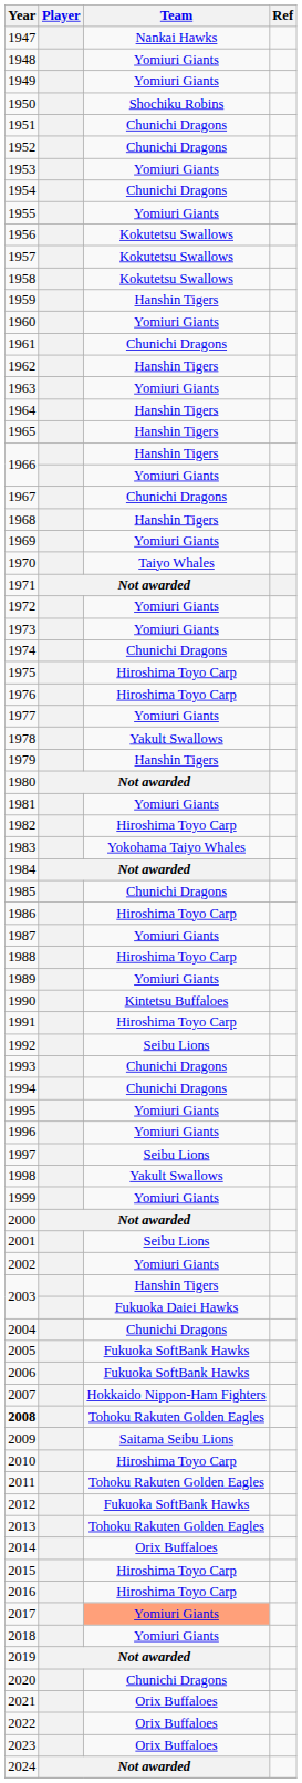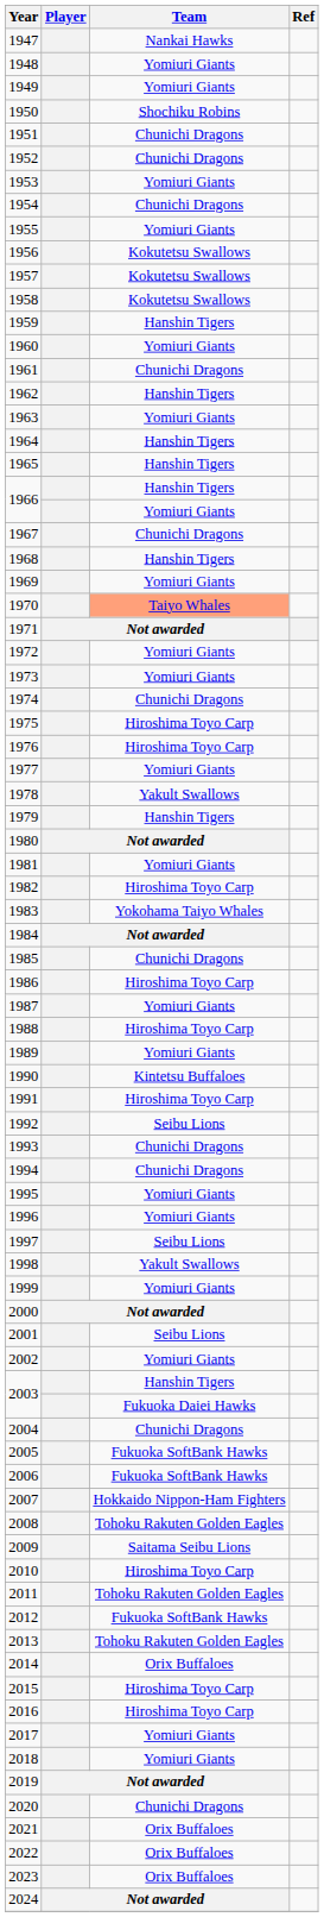 <table class="wikitable sortable plainrowheaders" style="text-align:center">
 <tr>
 <th scope="col">Year</th>
 <th scope="col"><a href='#'>Player</a></th>
 <th scope="col"><a href='#'>Team</a></th>
 <th scope="col" class=unsortable>Ref</th>
 </tr>
 <tr>
 <td>1947</td>
 <th scope="row" style="text-align:center"></th>
 <td><a href='#'>Nankai Hawks</a></td>
 <td></td>
 </tr>
 <tr>
 <td>1948</td>
 <th scope="row" style="text-align:center"></th>
 <td><a href='#'>Yomiuri Giants</a></td>
 <td></td>
 </tr>
 <tr>
 <td>1949</td>
 <th scope="row" style="text-align:center"></th>
 <td><a href='#'>Yomiuri Giants</a></td>
 <td></td>
 </tr>
 <tr>
 <td>1950</td>
 <th scope="row" style="text-align:center"></th>
 <td><a href='#'>Shochiku Robins</a></td>
 <td></td>
 </tr>
 <tr>
 <td>1951</td>
 <th scope="row" style="text-align:center"></th>
 <td><a href='#'>Chunichi Dragons</a></td>
 <td></td>
 </tr>
 <tr>
 <td>1952</td>
 <th scope="row" style="text-align:center"></th>
 <td><a href='#'>Chunichi Dragons</a></td>
 <td></td>
 </tr>
 <tr>
 <td>1953</td>
 <th scope="row" style="text-align:center"></th>
 <td><a href='#'>Yomiuri Giants</a></td>
 <td></td>
 </tr>
 <tr>
 <td>1954</td>
 <th scope="row" style="text-align:center"></th>
 <td><a href='#'>Chunichi Dragons</a></td>
 <td></td>
 </tr>
 <tr>
 <td>1955</td>
 <th scope="row" style="text-align:center"></th>
 <td><a href='#'>Yomiuri Giants</a></td>
 <td></td>
 </tr>
 <tr>
 <td>1956</td>
 <th scope="row" style="text-align:center"></th>
 <td><a href='#'>Kokutetsu Swallows</a></td>
 <td></td>
 </tr>
 <tr>
 <td>1957</td>
 <th scope="row" style="text-align:center"></th>
 <td><a href='#'>Kokutetsu Swallows</a></td>
 <td></td>
 </tr>
 <tr>
 <td>1958</td>
 <th scope="row" style="text-align:center"></th>
 <td><a href='#'>Kokutetsu Swallows</a></td>
 <td></td>
 </tr>
 <tr>
 <td>1959</td>
 <th scope="row" style="text-align:center"></th>
 <td><a href='#'>Hanshin Tigers</a></td>
 <td></td>
 </tr>
 <tr>
 <td>1960</td>
 <th scope="row" style="text-align:center"></th>
 <td><a href='#'>Yomiuri Giants</a></td>
 <td></td>
 </tr>
 <tr>
 <td>1961</td>
 <th scope="row" style="text-align:center"></th>
 <td><a href='#'>Chunichi Dragons</a></td>
 <td></td>
 </tr>
 <tr>
 <td>1962</td>
 <th scope="row" style="text-align:center"></th>
 <td><a href='#'>Hanshin Tigers</a></td>
 <td></td>
 </tr>
 <tr>
 <td>1963</td>
 <th scope="row" style="text-align:center"></th>
 <td><a href='#'>Yomiuri Giants</a></td>
 <td></td>
 </tr>
 <tr>
 <td>1964</td>
 <th scope="row" style="text-align:center"></th>
 <td><a href='#'>Hanshin Tigers</a></td>
 <td></td>
 </tr>
 <tr>
 <td>1965</td>
 <th scope="row" style="text-align:center"></th>
 <td><a href='#'>Hanshin Tigers</a></td>
 <td></td>
 </tr>
 <tr>
 <td rowspan=2>1966</td>
 <th scope="row" style="text-align:center"></th>
 <td><a href='#'>Hanshin Tigers</a></td>
 <td></td>
 </tr>
 <tr>
 <th scope="row" style="text-align:center"></th>
 <td><a href='#'>Yomiuri Giants</a></td>
 <td></td>
 </tr>
 <tr>
 <td>1967</td>
 <th scope="row" style="text-align:center"></th>
 <td><a href='#'>Chunichi Dragons</a></td>
 <td></td>
 </tr>
 <tr>
 <td>1968</td>
 <th scope="row" style="text-align:center"></th>
 <td><a href='#'>Hanshin Tigers</a></td>
 <td></td>
 </tr>
 <tr>
 <td>1969</td>
 <th scope="row" style="text-align:center"></th>
 <td><a href='#'>Yomiuri Giants</a></td>
 <td></td>
 </tr>
 <tr>
 <td>1970</td>
 <th scope="row" style="text-align:center"></th>
-<td><a href='#'>Taiyo Whales</a></td>
+<td style="background: lightsalmon;"><a href='#'>Taiyo Whales</a></td>
 <td></td>
 </tr>
 <tr>
 <td>1971</td>
 <th scope="row" style="text-align:center" colspan="2"><em>Not awarded</em></th>
 <th></th>
 </tr>
 <tr>
 <td>1972</td>
 <th scope="row" style="text-align:center"></th>
 <td><a href='#'>Yomiuri Giants</a></td>
 <td></td>
 </tr>
 <tr>
 <td>1973</td>
 <th scope="row" style="text-align:center"></th>
 <td><a href='#'>Yomiuri Giants</a></td>
 <td></td>
 </tr>
 <tr>
 <td>1974</td>
 <th scope="row" style="text-align:center"></th>
 <td><a href='#'>Chunichi Dragons</a></td>
 <td></td>
 </tr>
 <tr>
 <td>1975</td>
 <th scope="row" style="text-align:center"></th>
 <td><a href='#'>Hiroshima Toyo Carp</a></td>
 <td></td>
 </tr>
 <tr>
 <td>1976</td>
 <th scope="row" style="text-align:center"></th>
 <td><a href='#'>Hiroshima Toyo Carp</a></td>
 <td></td>
 </tr>
 <tr>
 <td>1977</td>
 <th scope="row" style="text-align:center"></th>
 <td><a href='#'>Yomiuri Giants</a></td>
 <td></td>
 </tr>
 <tr>
 <td>1978</td>
 <th scope="row" style="text-align:center"></th>
 <td><a href='#'>Yakult Swallows</a></td>
 <td></td>
 </tr>
 <tr>
 <td>1979</td>
 <th scope="row" style="text-align:center"></th>
 <td><a href='#'>Hanshin Tigers</a></td>
 <td></td>
 </tr>
 <tr>
 <td>1980</td>
 <th scope="row" style="text-align:center" colspan="2"><em>Not awarded</em></th>
 <td></td>
 </tr>
 <tr>
 <td>1981</td>
 <th scope="row" style="text-align:center"></th>
 <td><a href='#'>Yomiuri Giants</a></td>
 <td></td>
 </tr>
 <tr>
 <td>1982</td>
 <th scope="row" style="text-align:center"><strong></strong></th>
 <td><a href='#'>Hiroshima Toyo Carp</a></td>
 <td></td>
 </tr>
 <tr>
 <td>1983</td>
 <th scope="row" style="text-align:center"></th>
 <td><a href='#'>Yokohama Taiyo Whales</a></td>
 <td></td>
 </tr>
 <tr>
 <td>1984</td>
 <th scope="row" style="text-align:center" colspan="2"><em>Not awarded</em></th>
 <td></td>
 </tr>
 <tr>
 <td>1985</td>
 <th scope="row" style="text-align:center"></th>
 <td><a href='#'>Chunichi Dragons</a></td>
 <td></td>
 </tr>
 <tr>
 <td>1986</td>
 <th scope="row" style="text-align:center"></th>
 <td><a href='#'>Hiroshima Toyo Carp</a></td>
 <td></td>
 </tr>
 <tr>
 <td>1987</td>
 <th scope="row" style="text-align:center"><strong></strong></th>
 <td><a href='#'>Yomiuri Giants</a></td>
 <td></td>
 </tr>
 <tr>
 <td>1988</td>
 <th scope="row" style="text-align:center"></th>
 <td><a href='#'>Hiroshima Toyo Carp</a></td>
 <td></td>
 </tr>
 <tr>
 <td>1989</td>
 <th scope="row" style="text-align:center"><strong></strong></th>
 <td><a href='#'>Yomiuri Giants</a></td>
 <td></td>
 </tr>
 <tr>
 <td>1990</td>
 <th scope="row" style="text-align:center"></th>
 <td><a href='#'>Kintetsu Buffaloes</a></td>
 <td></td>
 </tr>
 <tr>
 <td>1991</td>
 <th scope="row" style="text-align:center"><strong></strong></th>
 <td><a href='#'>Hiroshima Toyo Carp</a></td>
 <td></td>
 </tr>
 <tr>
 <td>1992</td>
 <th scope="row" style="text-align:center"></th>
 <td><a href='#'>Seibu Lions</a></td>
 <td></td>
 </tr>
 <tr>
 <td>1993</td>
 <th scope="row" style="text-align:center"><strong></strong></th>
 <td><a href='#'>Chunichi Dragons</a></td>
 <td></td>
 </tr>
 <tr>
 <td>1994</td>
 <th scope="row" style="text-align:center"></th>
 <td><a href='#'>Chunichi Dragons</a></td>
 <td></td>
 </tr>
 <tr>
 <td>1995</td>
 <th scope="row" style="text-align:center"></th>
 <td><a href='#'>Yomiuri Giants</a></td>
 <td></td>
 </tr>
 <tr>
 <td>1996</td>
 <th scope="row" style="text-align:center"></th>
 <td><a href='#'>Yomiuri Giants</a></td>
 <td></td>
 </tr>
 <tr>
 <td>1997</td>
 <th scope="row" style="text-align:center"></th>
 <td><a href='#'>Seibu Lions</a></td>
 <td></td>
 </tr>
 <tr>
 <td>1998</td>
 <th scope="row" style="text-align:center"></th>
 <td><a href='#'>Yakult Swallows</a></td>
 <td></td>
 </tr>
 <tr>
 <td>1999</td>
 <th scope="row" style="text-align:center"></th>
 <td><a href='#'>Yomiuri Giants</a></td>
 <td></td>
 </tr>
 <tr>
 <td>2000</td>
 <th scope="row" style="text-align:center" colspan="2"><em>Not awarded</em></th>
 <td></td>
 </tr>
 <tr>
 <td>2001</td>
 <th scope="row" style="text-align:center"></th>
 <td><a href='#'>Seibu Lions</a></td>
 <td></td>
 </tr>
 <tr>
 <td>2002</td>
 <th scope="row" style="text-align:center"></th>
 <td><a href='#'>Yomiuri Giants</a></td>
 <td></td>
 </tr>
 <tr>
 <td rowspan=2>2003</td>
 <th scope="row" style="text-align:center"></th>
 <td><a href='#'>Hanshin Tigers</a></td>
 <td></td>
 </tr>
 <tr>
 <th scope="row" style="text-align:center"></th>
 <td><a href='#'>Fukuoka Daiei Hawks</a></td>
 <td></td>
 </tr>
 <tr>
 <td>2004</td>
 <th scope="row" style="text-align:center"></th>
 <td><a href='#'>Chunichi Dragons</a></td>
 <td></td>
 </tr>
 <tr>
 <td>2005</td>
 <th scope="row" style="text-align:center"></th>
 <td><a href='#'>Fukuoka SoftBank Hawks</a></td>
 <td></td>
 </tr>
 <tr>
 <td>2006</td>
 <th scope="row" style="text-align:center"></th>
 <td><a href='#'>Fukuoka SoftBank Hawks</a></td>
 <td></td>
 </tr>
 <tr>
 <td>2007</td>
 <th scope="row" style="text-align:center"><strong></strong></th>
 <td><a href='#'>Hokkaido Nippon-Ham Fighters</a></td>
 <td></td>
 </tr>
 <tr>
-<td><strong>2008</strong></td>
+<td>2008</td>
 <th scope="row" style="text-align:center"></th>
 <td><a href='#'>Tohoku Rakuten Golden Eagles</a></td>
 <td></td>
 </tr>
 <tr>
 <td>2009</td>
 <th scope="row" style="text-align:center"><strong></strong></th>
 <td><a href='#'>Saitama Seibu Lions</a></td>
 <td></td>
 </tr>
 <tr>
 <td>2010</td>
 <th scope="row" style="text-align:center"></th>
 <td><a href='#'>Hiroshima Toyo Carp</a></td>
 <td></td>
 </tr>
 <tr>
 <td>2011</td>
 <th scope="row" style="text-align:center"><strong></strong></th>
 <td><a href='#'>Tohoku Rakuten Golden Eagles</a></td>
 <td></td>
 </tr>
 <tr>
 <td>2012</td>
 <th scope="row" style="text-align:center"></th>
 <td><a href='#'>Fukuoka SoftBank Hawks</a></td>
 <td></td>
 </tr>
 <tr>
 <td>2013</td>
 <th scope="row" style="text-align:center"></th>
 <td><a href='#'>Tohoku Rakuten Golden Eagles</a></td>
 <td></td>
 </tr>
 <tr>
 <td>2014</td>
 <th scope="row" style="text-align:center"></th>
 <td><a href='#'>Orix Buffaloes</a></td>
 <td></td>
 </tr>
 <tr>
 <td>2015</td>
 <th scope="row" style="text-align:center"></th>
 <td><a href='#'>Hiroshima Toyo Carp</a></td>
 <td></td>
 </tr>
 <tr>
 <td>2016</td>
 <th scope="row" style="text-align:center"></th>
 <td><a href='#'>Hiroshima Toyo Carp</a></td>
 <td></td>
 </tr>
 <tr>
 <td>2017</td>
 <th scope="row" style="text-align:center"></th>
-<td style="background: lightsalmon;"><a href='#'>Yomiuri Giants</a></td>
+<td><a href='#'>Yomiuri Giants</a></td>
 <td></td>
 </tr>
 <tr>
 <td>2018</td>
 <th scope="row" style="text-align:center"></th>
 <td><a href='#'>Yomiuri Giants</a></td>
 <td></td>
 </tr>
 <tr>
 <td>2019</td>
 <th scope="row" style="text-align:center" colspan="2"><em>Not awarded</em></th>
 <td></td>
 </tr>
 <tr>
 <td>2020</td>
 <th scope="row" style="text-align:center"></th>
 <td><a href='#'>Chunichi Dragons</a></td>
 <td></td>
 </tr>
 <tr>
 <td>2021</td>
 <th scope="row" style="text-align:center"></th>
 <td><a href='#'>Orix Buffaloes</a></td>
 <td></td>
 </tr>
 <tr>
 <td>2022</td>
 <th scope="row" style="text-align:center"></th>
 <td><a href='#'>Orix Buffaloes</a></td>
 <td></td>
 </tr>
 <tr>
 <td>2023</td>
 <th scope="row" style="text-align:center"></th>
 <td><a href='#'>Orix Buffaloes</a></td>
 <td></td>
 </tr>
 <tr>
 <td>2024</td>
 <th scope="row" style="text-align:center" colspan="2"><em>Not awarded</em></th>
 <td></td>
 </tr>
 <tr>
 </tr>
 </table>
